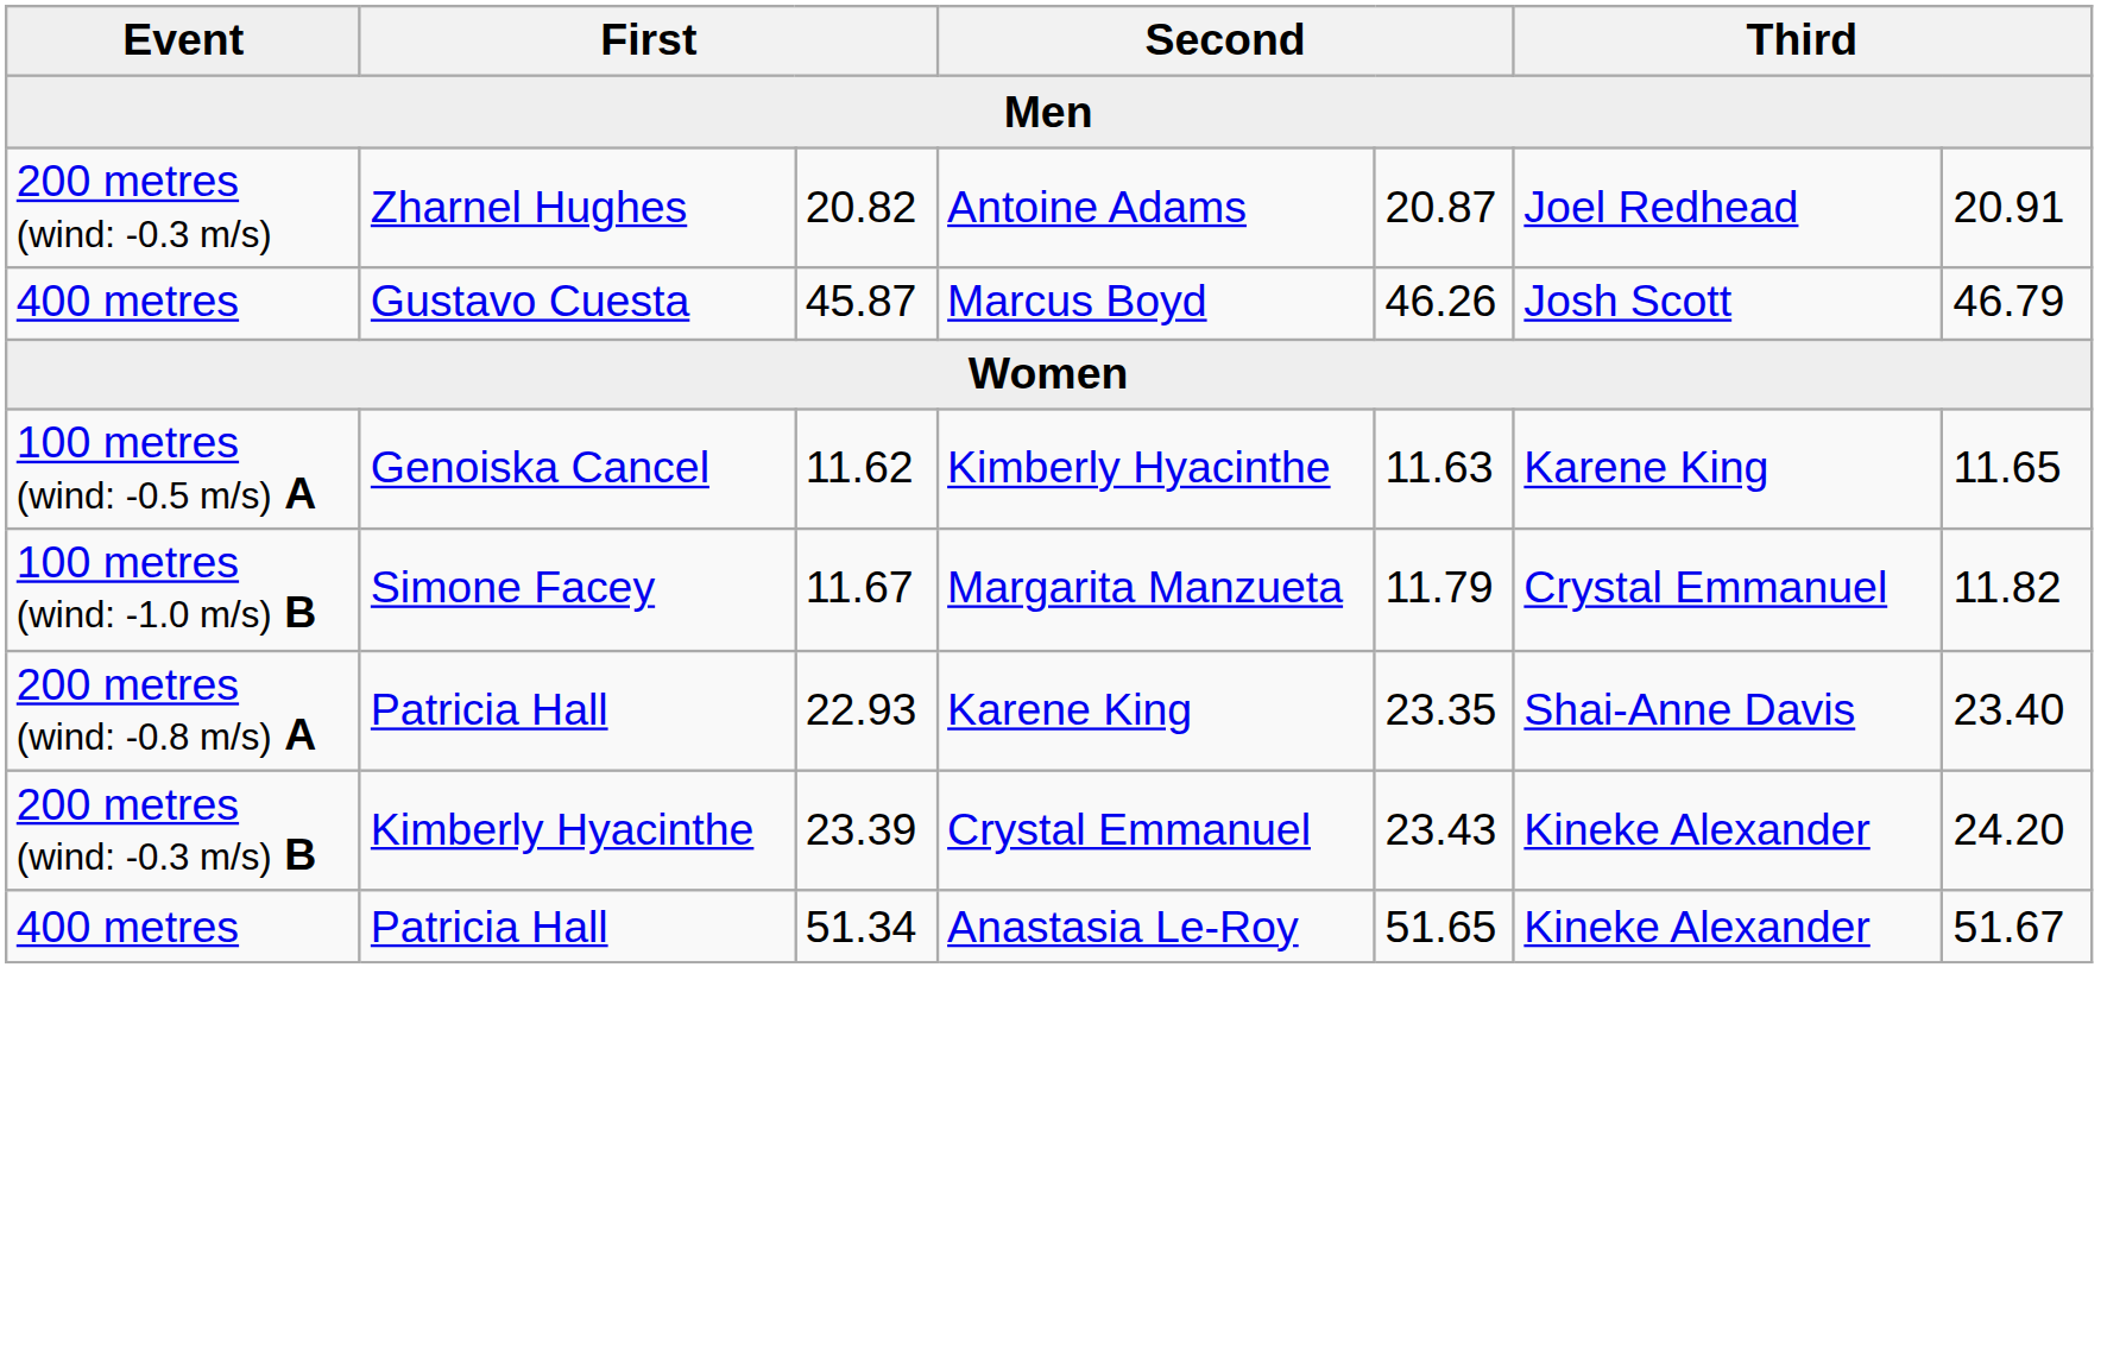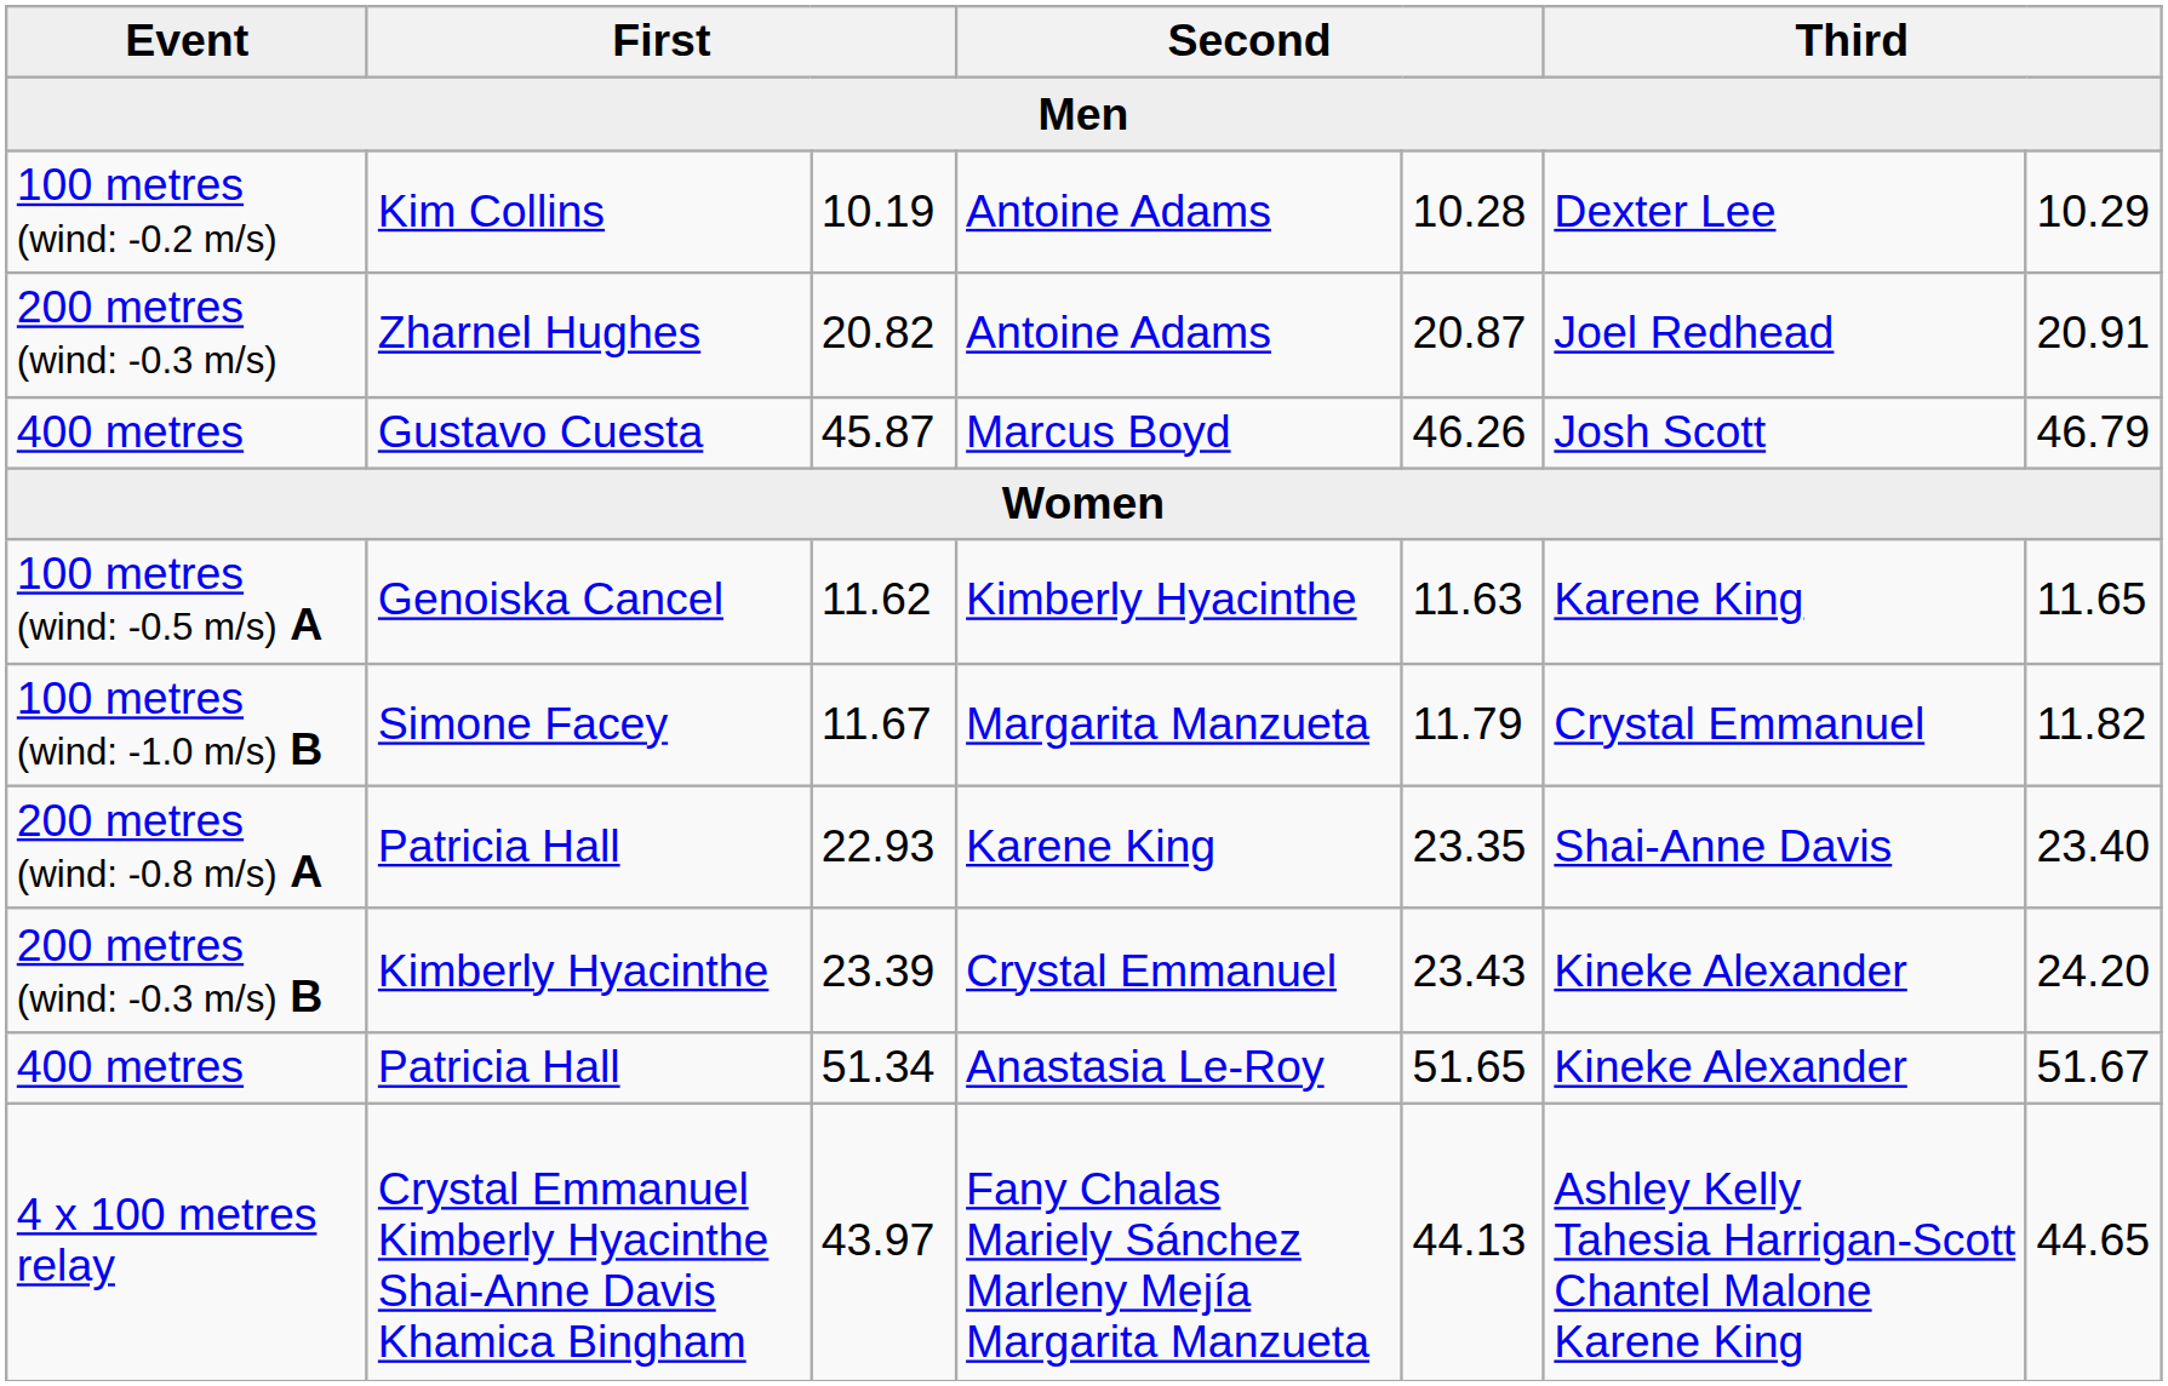 <table class="wikitable" border="1" style="font-size:100%">
 <tr align=center>
 <th scope=col style="width:120px; background: #efefef;">Event</th>
 <th scope=col colspan=2 style="width:200px;"> First</th>
 <th scope=col colspan=2 style="width:200px;"> Second</th>
 <th scope=col colspan=2 style="width:200px;"> Third</th>
 </tr>
 <tr>
 <td colspan=7 bgcolor=#eeeeee style=text-align:center;><strong>Men</strong></td>
+</tr>
+<tr>
+<td><a href='#'>100 metres</a> <small>(wind: -0.2 m/s)</small></td>
+<td align=left><a href='#'>Kim Collins</a> <br> </td>
+<td>10.19</td>
+<td align=left><a href='#'>Antoine Adams</a> <br> </td>
+<td>10.28</td>
+<td align=left><a href='#'>Dexter Lee</a> <br> </td>
+<td>10.29</td>
 </tr>
 <tr>
 <td><a href='#'>200 metres</a> <small>(wind: -0.3 m/s)</small></td>
 <td align=left><a href='#'>Zharnel Hughes</a> <br> </td>
 <td>20.82</td>
 <td align=left><a href='#'>Antoine Adams</a> <br> </td>
 <td>20.87</td>
 <td align=left><a href='#'>Joel Redhead</a> <br> </td>
 <td>20.91</td>
 </tr>
 <tr>
 <td><a href='#'>400 metres</a></td>
 <td align=left><a href='#'>Gustavo Cuesta</a> <br> </td>
 <td>45.87</td>
 <td align=left><a href='#'>Marcus Boyd</a> <br> </td>
 <td>46.26</td>
 <td align=left><a href='#'>Josh Scott</a> <br> </td>
 <td>46.79</td>
 </tr>
 <tr>
 <td colspan=7 bgcolor=#eeeeee style=text-align:center;><strong>Women</strong></td>
 </tr>
 <tr>
 <td><a href='#'>100 metres</a> <small>(wind: -0.5 m/s)</small> <strong>A</strong></td>
 <td align=left><a href='#'>Genoiska Cancel</a> <br> </td>
 <td>11.62</td>
 <td align=left><a href='#'>Kimberly Hyacinthe</a> <br> </td>
 <td>11.63</td>
 <td align=left><a href='#'>Karene King</a> <br> </td>
 <td>11.65</td>
 </tr>
 <tr>
 <td><a href='#'>100 metres</a> <small>(wind: -1.0 m/s)</small> <strong>B</strong></td>
 <td align=left><a href='#'>Simone Facey</a> <br> </td>
 <td>11.67</td>
 <td align=left><a href='#'>Margarita Manzueta</a> <br> </td>
 <td>11.79</td>
 <td align=left><a href='#'>Crystal Emmanuel</a> <br> </td>
 <td>11.82</td>
 </tr>
 <tr>
 <td><a href='#'>200 metres</a> <small>(wind: -0.8 m/s)</small> <strong>A</strong></td>
 <td align=left><a href='#'>Patricia Hall</a> <br> </td>
 <td>22.93</td>
 <td align=left><a href='#'>Karene King</a> <br> </td>
 <td>23.35</td>
 <td align=left><a href='#'>Shai-Anne Davis</a> <br> </td>
 <td>23.40</td>
 </tr>
 <tr>
 <td><a href='#'>200 metres</a> <small>(wind: -0.3 m/s)</small> <strong>B</strong></td>
 <td align=left><a href='#'>Kimberly Hyacinthe</a> <br> </td>
 <td>23.39</td>
 <td align=left><a href='#'>Crystal Emmanuel</a> <br> </td>
 <td>23.43</td>
 <td align=left><a href='#'>Kineke Alexander</a> <br> </td>
 <td>24.20</td>
 </tr>
 <tr>
 <td><a href='#'>400 metres</a></td>
 <td align=left><a href='#'>Patricia Hall</a> <br> </td>
 <td>51.34</td>
 <td align=left><a href='#'>Anastasia Le-Roy</a> <br> </td>
 <td>51.65</td>
 <td align=left><a href='#'>Kineke Alexander</a> <br> </td>
 <td>51.67</td>
 </tr>
+<tr>
+<td><a href='#'>4 x 100 metres relay</a></td>
+<td><br><a href='#'>Crystal Emmanuel</a><br><a href='#'>Kimberly Hyacinthe</a><br><a href='#'>Shai-Anne Davis</a><br><a href='#'>Khamica Bingham</a></td>
+<td>43.97</td>
+<td><br><a href='#'>Fany Chalas</a><br><a href='#'>Mariely Sánchez</a><br><a href='#'>Marleny Mejía</a><br><a href='#'>Margarita Manzueta</a></td>
+<td>44.13</td>
+<td><br><a href='#'>Ashley Kelly</a><br><a href='#'>Tahesia Harrigan-Scott</a><br><a href='#'>Chantel Malone</a><br><a href='#'>Karene King</a></td>
+<td>44.65</td>
+</tr>
 </table>
